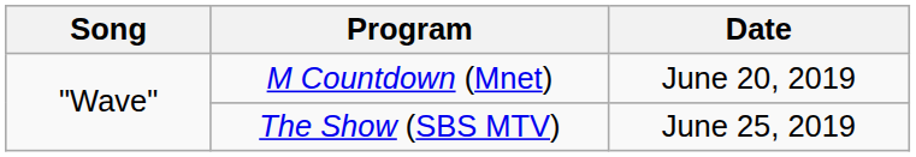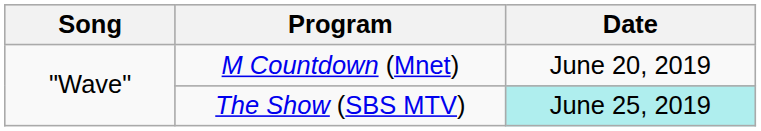 <table class="wikitable" style="text-align:center;">
 <tr>
 <th style="width:100px;">Song</th>
 <th style="width:200px;">Program</th>
 <th style="width:150px;">Date</th>
 </tr>
 <tr>
 <td rowspan="2">"Wave"</td>
 <td><em><a href='#'>M Countdown</a></em> (<a href='#'>Mnet</a>)</td>
 <td>June 20, 2019</td>
 </tr>
 <tr>
 <td rowspan="2"><em><a href='#'>The Show</a></em> (<a href='#'>SBS MTV</a>)</td>
-<td>June 25, 2019</td>
+<td style="background: paleturquoise;">June 25, 2019</td>
 </tr>
 </table>
